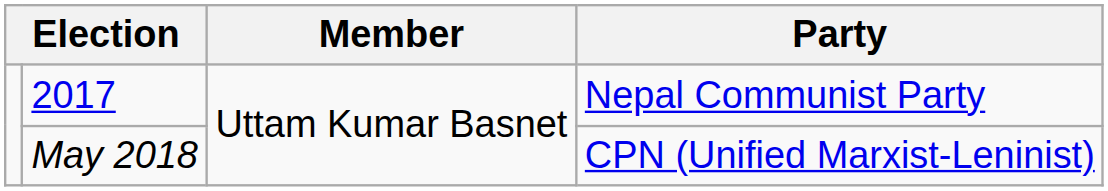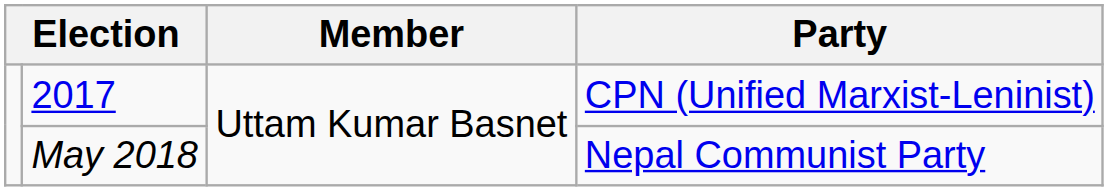 <table class="wikitable">
 <tr>
 <th colspan="2">Election</th>
 <th>Member</th>
 <th>Party</th>
 </tr>
 <tr>
 <td rowspan="2" style="background-color:"></td>
 <td><a href='#'>2017</a></td>
 <td rowspan="2">Uttam Kumar Basnet</td>
-<td><a href='#'>Nepal Communist Party</a></td>
+<td><a href='#'>CPN (Unified Marxist-Leninist)</a></td>
 </tr>
 <tr>
 <td><em>May 2018</em></td>
-<td><a href='#'>CPN (Unified Marxist-Leninist)</a></td>
+<td><a href='#'>Nepal Communist Party</a></td>
 </tr>
 </table>
